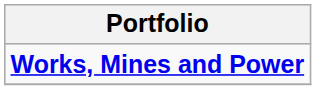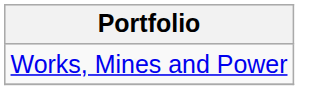 <table class="wikitable">
 <tr>
 <th>Portfolio</th>
 </tr>
 <tr>
-<td><strong><a href='#'>Works, Mines and Power</a></strong></td>
+<td><a href='#'>Works, Mines and Power</a></td>
 </tr>
 <tr>
 </tr>
 </table>
